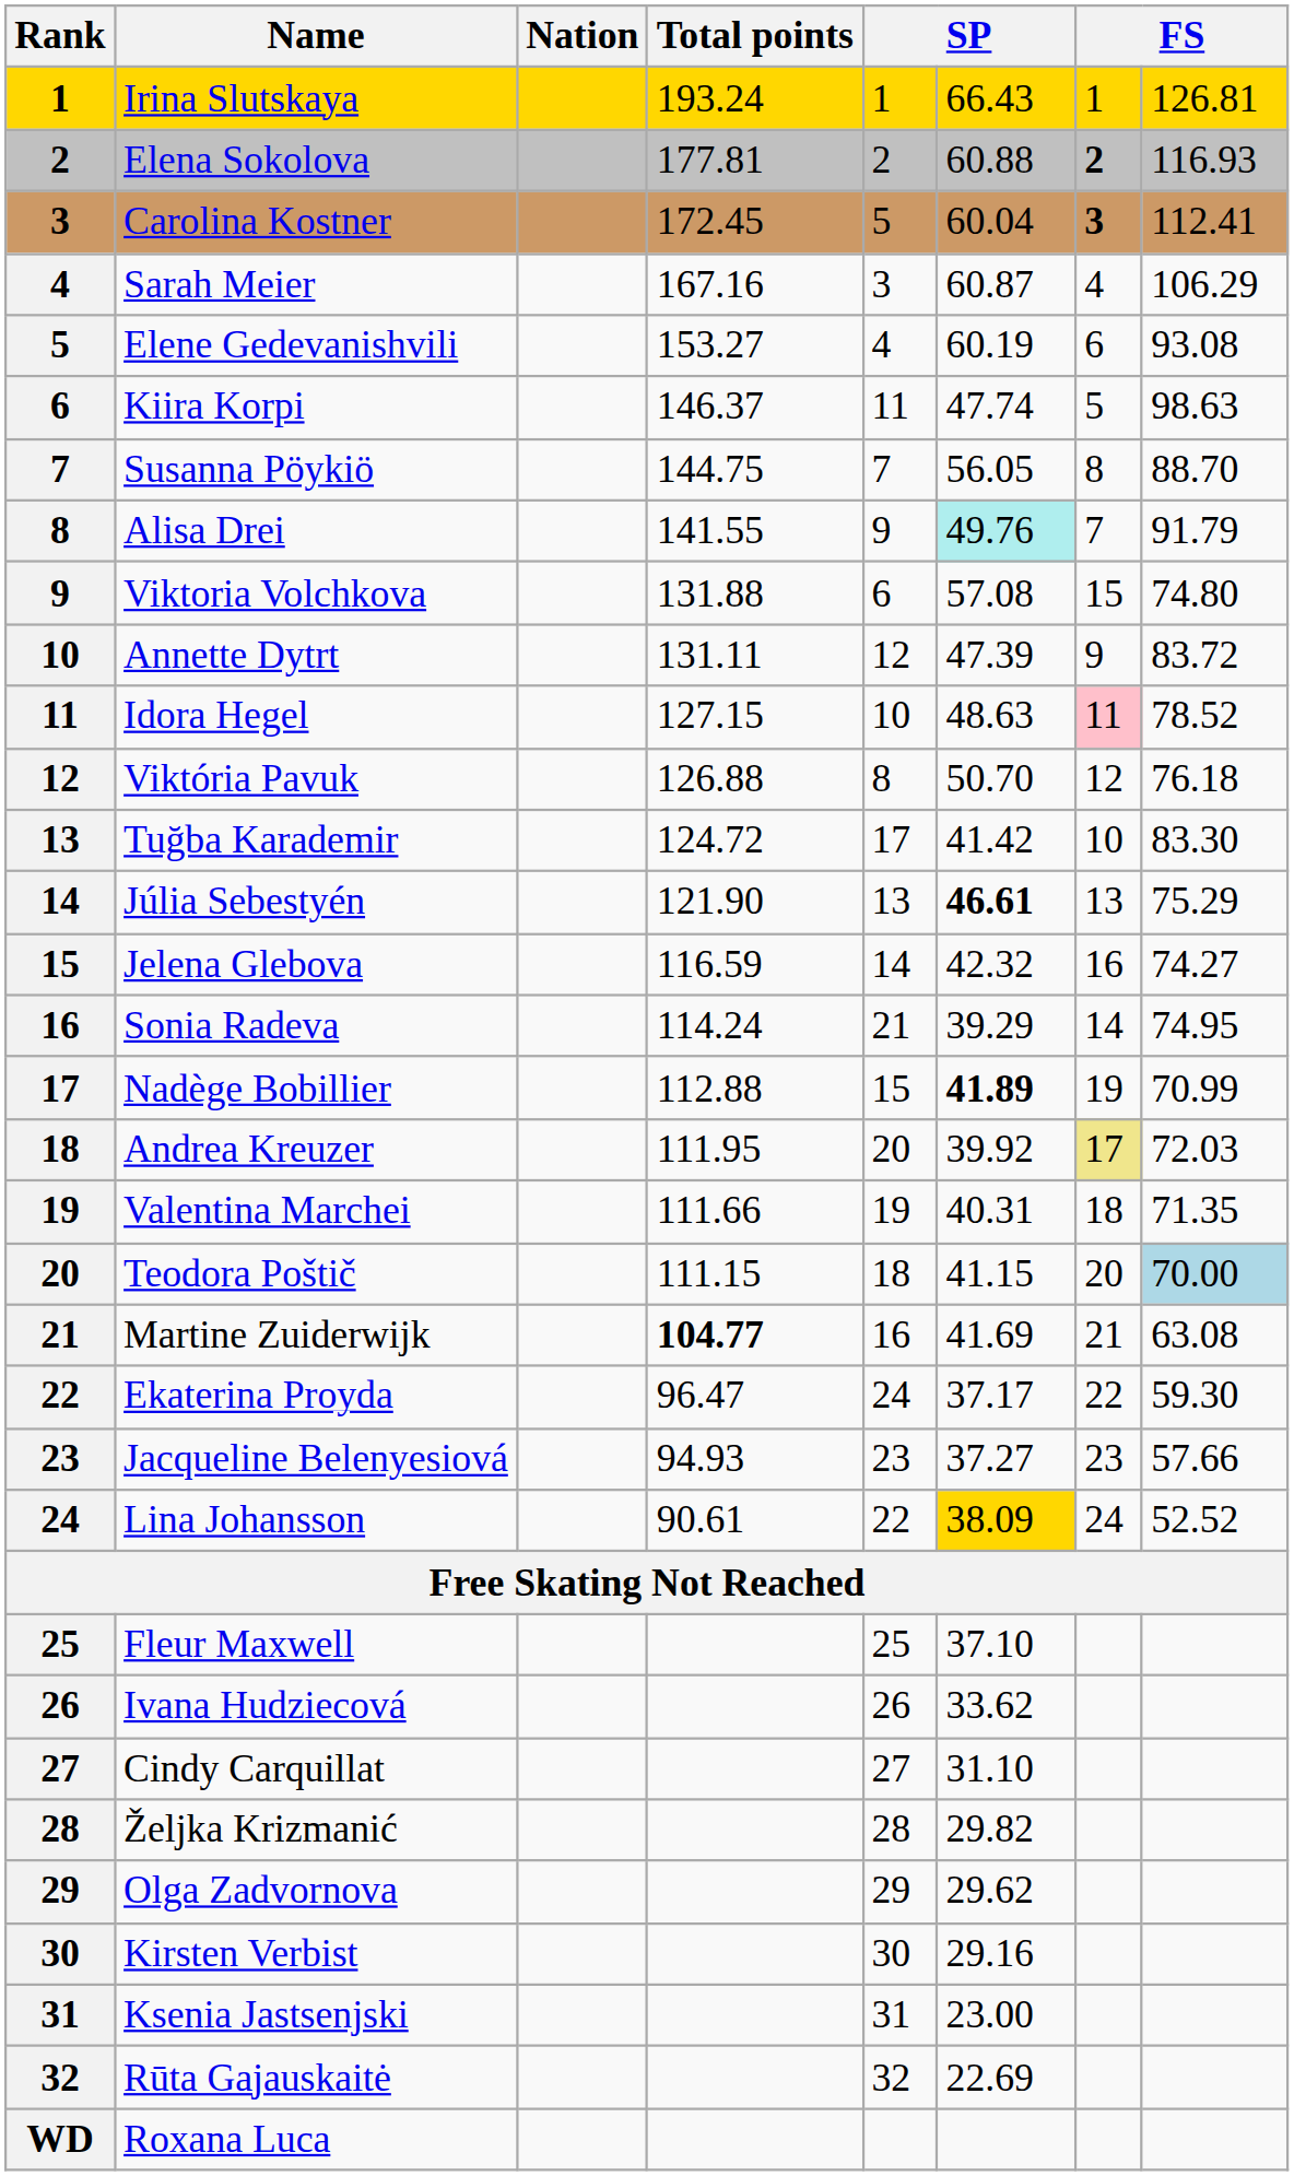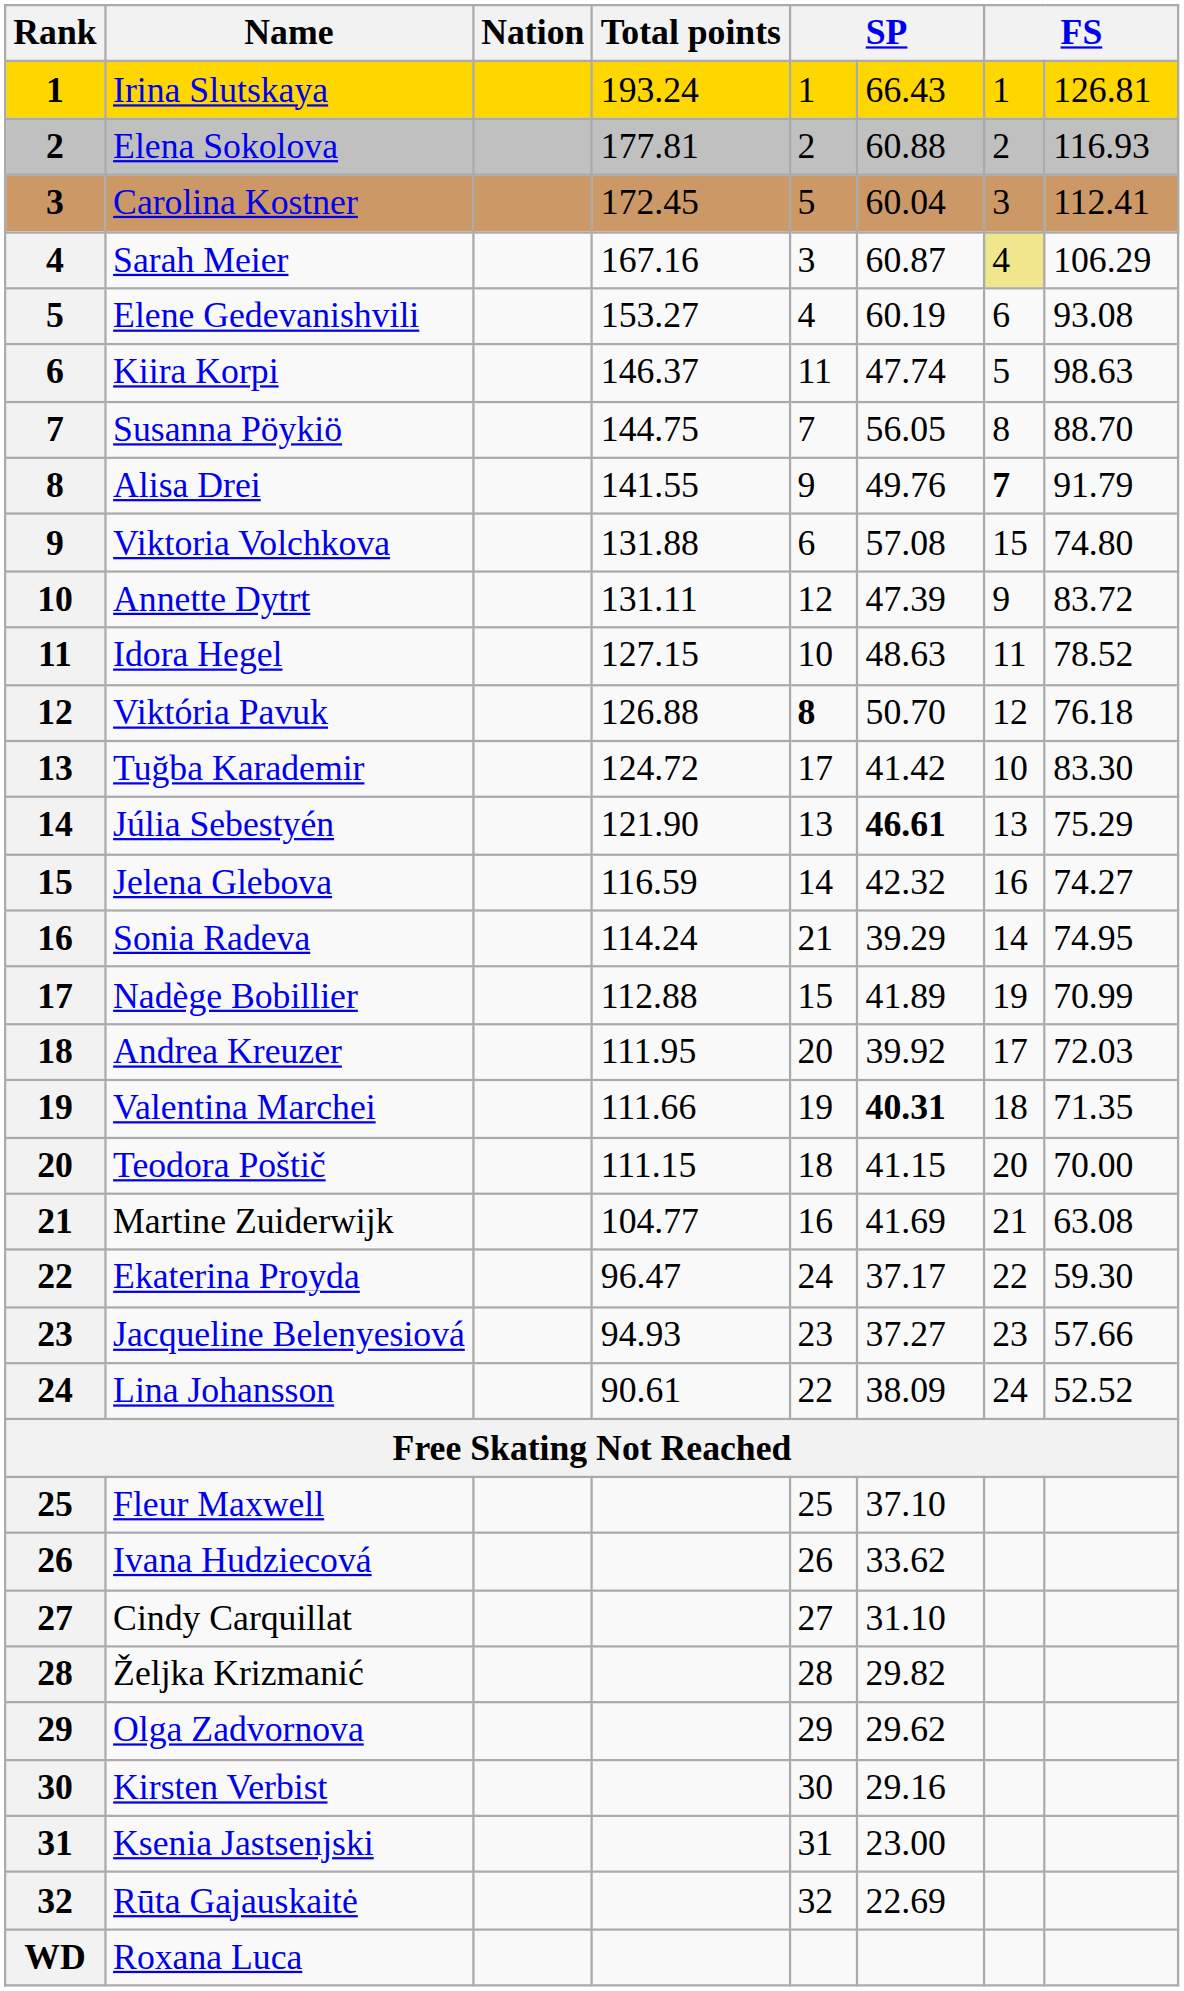 <table class="wikitable">
 <tr>
 <th>Rank</th>
 <th>Name</th>
 <th>Nation</th>
 <th>Total points</th>
 <th colspan="2" width="80px"><a href='#'>SP</a></th>
 <th colspan="2" width="80px"><a href='#'>FS</a></th>
 </tr>
 <tr bgcolor="gold">
 <td align="center"><strong>1</strong></td>
 <td><a href='#'>Irina Slutskaya</a></td>
 <td></td>
 <td>193.24</td>
 <td>1</td>
 <td>66.43</td>
 <td>1</td>
 <td>126.81</td>
 </tr>
 <tr bgcolor="silver">
 <td align="center"><strong>2</strong></td>
 <td><a href='#'>Elena Sokolova</a></td>
 <td></td>
 <td>177.81</td>
 <td>2</td>
 <td>60.88</td>
-<td><strong>2</strong></td>
+<td>2</td>
 <td>116.93</td>
 </tr>
 <tr bgcolor="cc9966">
 <td align="center"><strong>3</strong></td>
 <td><a href='#'>Carolina Kostner</a></td>
 <td></td>
 <td>172.45</td>
 <td>5</td>
 <td>60.04</td>
-<td><strong>3</strong></td>
+<td>3</td>
 <td>112.41</td>
 </tr>
 <tr>
 <th>4</th>
 <td><a href='#'>Sarah Meier</a></td>
 <td></td>
 <td>167.16</td>
 <td>3</td>
 <td>60.87</td>
-<td>4</td>
+<td style="background: khaki;">4</td>
 <td>106.29</td>
 </tr>
 <tr>
 <th>5</th>
 <td><a href='#'>Elene Gedevanishvili</a></td>
 <td></td>
 <td>153.27</td>
 <td>4</td>
 <td>60.19</td>
 <td>6</td>
 <td>93.08</td>
 </tr>
 <tr>
 <th>6</th>
 <td><a href='#'>Kiira Korpi</a></td>
 <td></td>
 <td>146.37</td>
 <td>11</td>
 <td>47.74</td>
 <td>5</td>
 <td>98.63</td>
 </tr>
 <tr>
 <th>7</th>
 <td><a href='#'>Susanna Pöykiö</a></td>
 <td></td>
 <td>144.75</td>
 <td>7</td>
 <td>56.05</td>
 <td>8</td>
 <td>88.70</td>
 </tr>
 <tr>
 <th>8</th>
 <td><a href='#'>Alisa Drei</a></td>
 <td></td>
 <td>141.55</td>
 <td>9</td>
-<td style="background: paleturquoise;">49.76</td>
-<td>7</td>
+<td>49.76</td>
+<td><strong>7</strong></td>
 <td>91.79</td>
 </tr>
 <tr>
 <th>9</th>
 <td><a href='#'>Viktoria Volchkova</a></td>
 <td></td>
 <td>131.88</td>
 <td>6</td>
 <td>57.08</td>
 <td>15</td>
 <td>74.80</td>
 </tr>
 <tr>
 <th>10</th>
 <td><a href='#'>Annette Dytrt</a></td>
 <td></td>
 <td>131.11</td>
 <td>12</td>
 <td>47.39</td>
 <td>9</td>
 <td>83.72</td>
 </tr>
 <tr>
 <th>11</th>
 <td><a href='#'>Idora Hegel</a></td>
 <td></td>
 <td>127.15</td>
 <td>10</td>
 <td>48.63</td>
-<td style="background: pink;">11</td>
+<td>11</td>
 <td>78.52</td>
 </tr>
 <tr>
 <th>12</th>
 <td><a href='#'>Viktória Pavuk</a></td>
 <td></td>
 <td>126.88</td>
-<td>8</td>
+<td><strong>8</strong></td>
 <td>50.70</td>
 <td>12</td>
 <td>76.18</td>
 </tr>
 <tr>
 <th>13</th>
 <td><a href='#'>Tuğba Karademir</a></td>
 <td></td>
 <td>124.72</td>
 <td>17</td>
 <td>41.42</td>
 <td>10</td>
 <td>83.30</td>
 </tr>
 <tr>
 <th>14</th>
 <td><a href='#'>Júlia Sebestyén</a></td>
 <td></td>
 <td>121.90</td>
 <td>13</td>
 <td><strong>46.61</strong></td>
 <td>13</td>
 <td>75.29</td>
 </tr>
 <tr>
 <th>15</th>
 <td><a href='#'>Jelena Glebova</a></td>
 <td></td>
 <td>116.59</td>
 <td>14</td>
 <td>42.32</td>
 <td>16</td>
 <td>74.27</td>
 </tr>
 <tr>
 <th>16</th>
 <td><a href='#'>Sonia Radeva</a></td>
 <td></td>
 <td>114.24</td>
 <td>21</td>
 <td>39.29</td>
 <td>14</td>
 <td>74.95</td>
 </tr>
 <tr>
 <th>17</th>
 <td><a href='#'>Nadège Bobillier</a></td>
 <td></td>
 <td>112.88</td>
 <td>15</td>
-<td><strong>41.89</strong></td>
+<td>41.89</td>
 <td>19</td>
 <td>70.99</td>
 </tr>
 <tr>
 <th>18</th>
 <td><a href='#'>Andrea Kreuzer</a></td>
 <td></td>
 <td>111.95</td>
 <td>20</td>
 <td>39.92</td>
-<td style="background: khaki;">17</td>
+<td>17</td>
 <td>72.03</td>
 </tr>
 <tr>
 <th>19</th>
 <td><a href='#'>Valentina Marchei</a></td>
 <td></td>
 <td>111.66</td>
 <td>19</td>
-<td>40.31</td>
+<td><strong>40.31</strong></td>
 <td>18</td>
 <td>71.35</td>
 </tr>
 <tr>
 <th>20</th>
 <td><a href='#'>Teodora Poštič</a></td>
 <td></td>
 <td>111.15</td>
 <td>18</td>
 <td>41.15</td>
 <td>20</td>
-<td style="background: lightblue;">70.00</td>
+<td>70.00</td>
 </tr>
 <tr>
 <th>21</th>
 <td>Martine Zuiderwijk</td>
 <td></td>
-<td><strong>104.77</strong></td>
+<td>104.77</td>
 <td>16</td>
 <td>41.69</td>
 <td>21</td>
 <td>63.08</td>
 </tr>
 <tr>
 <th>22</th>
 <td><a href='#'>Ekaterina Proyda</a></td>
 <td></td>
 <td>96.47</td>
 <td>24</td>
 <td>37.17</td>
 <td>22</td>
 <td>59.30</td>
 </tr>
 <tr>
 <th>23</th>
 <td><a href='#'>Jacqueline Belenyesiová</a></td>
 <td></td>
 <td>94.93</td>
 <td>23</td>
 <td>37.27</td>
 <td>23</td>
 <td>57.66</td>
 </tr>
 <tr>
 <th>24</th>
 <td><a href='#'>Lina Johansson</a></td>
 <td></td>
 <td>90.61</td>
 <td>22</td>
-<td style="background: gold;">38.09</td>
+<td>38.09</td>
 <td>24</td>
 <td>52.52</td>
 </tr>
 <tr>
 <th colspan=8>Free Skating Not Reached</th>
 </tr>
 <tr>
 <th>25</th>
 <td><a href='#'>Fleur Maxwell</a></td>
 <td></td>
 <td></td>
 <td>25</td>
 <td>37.10</td>
 <td></td>
 <td></td>
 </tr>
 <tr>
 <th>26</th>
 <td><a href='#'>Ivana Hudziecová</a></td>
 <td></td>
 <td></td>
 <td>26</td>
 <td>33.62</td>
 <td></td>
 <td></td>
 </tr>
 <tr>
 <th>27</th>
 <td>Cindy Carquillat</td>
 <td></td>
 <td></td>
 <td>27</td>
 <td>31.10</td>
 <td></td>
 <td></td>
 </tr>
 <tr>
 <th>28</th>
 <td>Željka Krizmanić</td>
 <td></td>
 <td></td>
 <td>28</td>
 <td>29.82</td>
 <td></td>
 <td></td>
 </tr>
 <tr>
 <th>29</th>
 <td><a href='#'>Olga Zadvornova</a></td>
 <td></td>
 <td></td>
 <td>29</td>
 <td>29.62</td>
 <td></td>
 <td></td>
 </tr>
 <tr>
 <th>30</th>
 <td><a href='#'>Kirsten Verbist</a></td>
 <td></td>
 <td></td>
 <td>30</td>
 <td>29.16</td>
 <td></td>
 <td></td>
 </tr>
 <tr>
 <th>31</th>
 <td><a href='#'>Ksenia Jastsenjski</a></td>
 <td></td>
 <td></td>
 <td>31</td>
 <td>23.00</td>
 <td></td>
 <td></td>
 </tr>
 <tr>
 <th>32</th>
 <td><a href='#'>Rūta Gajauskaitė</a></td>
 <td></td>
 <td></td>
 <td>32</td>
 <td>22.69</td>
 <td></td>
 <td></td>
 </tr>
 <tr>
 <th>WD</th>
 <td><a href='#'>Roxana Luca</a></td>
 <td></td>
 <td></td>
 <td></td>
 <td></td>
 <td></td>
 <td></td>
 </tr>
 </table>
